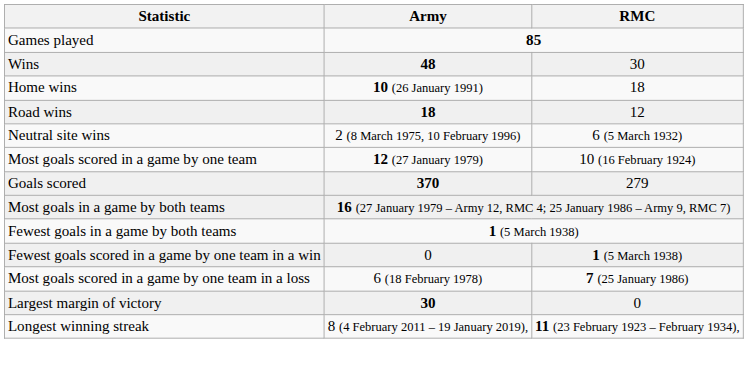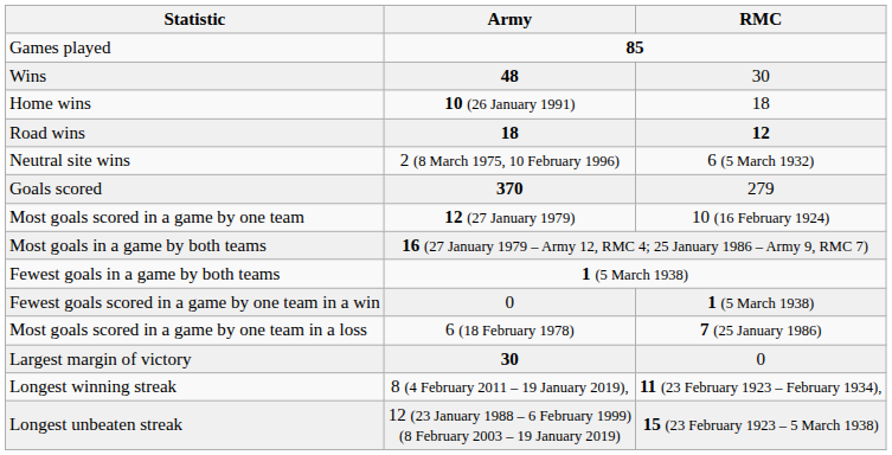 <table class="wikitable">
 <tr>
 <th>Statistic</th>
 <th>Army</th>
 <th>RMC</th>
 </tr>
 <tr>
 <td>Games played</td>
 <td align=center colspan=2><strong>85</strong></td>
 </tr>
 <tr bgcolor=f0f0f0>
 <td>Wins</td>
 <td align=center><strong>48</strong></td>
 <td align=center>30</td>
 </tr>
 <tr>
 <td>Home wins</td>
 <td align=center><strong>10</strong> <small>(26 January 1991)</small></td>
 <td align=center>18</td>
 </tr>
 <tr bgcolor=f0f0f0>
 <td>Road wins</td>
 <td align=center><strong>18</strong></td>
-<td align=center>12</td>
+<td align=center><strong>12</strong></td>
 </tr>
 <tr>
 <td>Neutral site wins</td>
 <td align=center>2 <small>(8 March 1975, 10 February 1996)</small></td>
 <td align=center>6 <small>(5 March 1932)</small></td>
 </tr>
+<tr bgcolor=f0f0f0>
+<td>Goals scored</td>
+<td align=center><strong>370</strong></td>
+<td align=center>279</td>
+</tr>
 <tr>
 <td>Most goals scored in a game by one team</td>
 <td align=center><strong>12</strong> <small>(27 January 1979)</small></td>
 <td align=center>10 <small>(16 February 1924)</small></td>
-</tr>
-<tr bgcolor=f0f0f0>
-<td>Goals scored</td>
-<td align=center><strong>370</strong></td>
-<td align=center>279</td>
 </tr>
 <tr bgcolor=f0f0f0>
 <td>Most goals in a game by both teams</td>
 <td align=center colspan=2><strong>16</strong> <small>(27 January 1979 – Army 12, RMC 4; 25 January 1986 – Army 9, RMC 7)</small></td>
 </tr>
 <tr>
 <td>Fewest goals in a game by both teams</td>
 <td align=center colspan=2><strong>1</strong> <small>(5 March 1938)</small></td>
 </tr>
 <tr bgcolor=f0f0f0>
 <td>Fewest goals scored in a game by one team in a win</td>
 <td align=center>0</td>
 <td align=center><strong>1</strong> <small>(5 March 1938)</small></td>
 </tr>
 <tr>
 <td>Most goals scored in a game by one team in a loss</td>
 <td align=center>6 <small>(18 February 1978)</small></td>
 <td align=center><strong>7</strong> <small>(25 January 1986)</small></td>
 </tr>
 <tr bgcolor=f0f0f0>
 <td>Largest margin of victory</td>
 <td align=center><strong>30</strong></td>
 <td align=center>0</td>
 </tr>
 <tr>
 <td>Longest winning streak</td>
 <td align=center>8 <small>(4 February 2011 – 19 January 2019),</small></td>
 <td align=center><strong>11</strong> <small>(23 February 1923 – February 1934),</small></td>
 </tr>
+<tr bgcolor=f0f0f0>
+<td>Longest unbeaten streak</td>
+<td align=center>12 <small>(23 January 1988 – 6 February 1999)</small><br><small>(8 February 2003 – 19 January 2019)</small></td>
+<td align=center><strong>15</strong> <small>(23 February 1923 – 5 March 1938)</small></td>
+</tr>
 </table>
